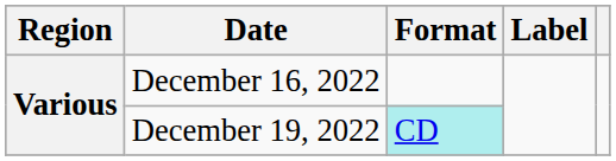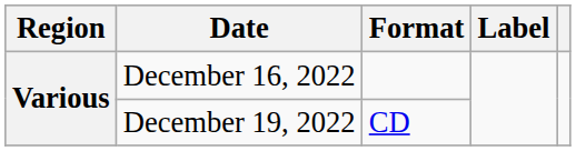 <table class="wikitable plainrowheaders">
 <tr>
 <th scope="col">Region</th>
 <th scope="col">Date</th>
 <th scope="col">Format</th>
 <th scope="col">Label</th>
 <th scope="col"></th>
 </tr>
 <tr>
 <th rowspan="2" scope="row">Various</th>
 <td>December 16, 2022</td>
 <td></td>
 <td rowspan="2"></td>
 <td rowspan="2" align="center"></td>
 </tr>
 <tr>
 <td>December 19, 2022</td>
-<td style="background: paleturquoise;"><a href='#'>CD</a></td>
+<td><a href='#'>CD</a></td>
 </tr>
 </table>
